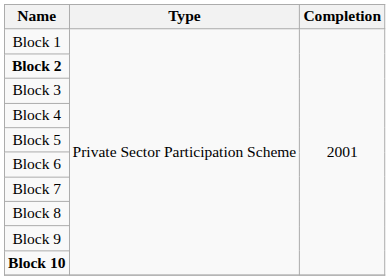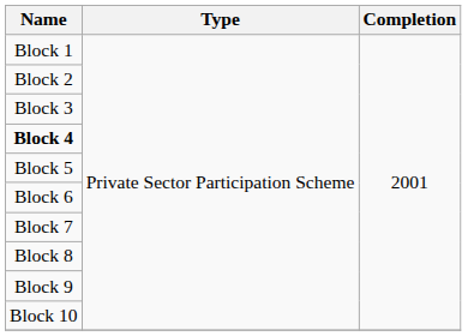 <table class="wikitable" style="text-align: center">
 <tr>
 <th>Name</th>
 <th>Type</th>
 <th>Completion</th>
 </tr>
 <tr>
 <td>Block 1</td>
 <td rowspan="10">Private Sector Participation Scheme</td>
 <td rowspan="10">2001</td>
 </tr>
 <tr>
-<td><strong>Block 2</strong></td>
+<td>Block 2</td>
 </tr>
 <tr>
 <td>Block 3</td>
 </tr>
 <tr>
-<td>Block 4</td>
+<td><strong>Block 4</strong></td>
 </tr>
 <tr>
 <td>Block 5</td>
 </tr>
 <tr>
 <td>Block 6</td>
 </tr>
 <tr>
 <td>Block 7</td>
 </tr>
 <tr>
 <td>Block 8</td>
 </tr>
 <tr>
 <td>Block 9</td>
 </tr>
 <tr>
-<td><strong>Block 10</strong></td>
+<td>Block 10</td>
 </tr>
 <tr>
 </tr>
 </table>
